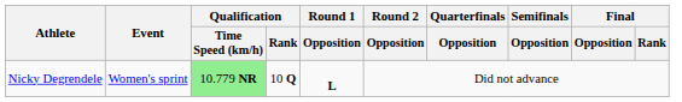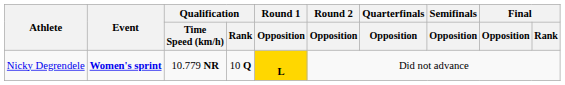 <table class="wikitable" style="font-size:90%">
 <tr>
 <th rowspan=2>Athlete</th>
 <th rowspan=2>Event</th>
 <th colspan=2>Qualification</th>
 <th>Round 1</th>
 <th>Round 2</th>
 <th>Quarterfinals</th>
 <th>Semifinals</th>
 <th colspan=2>Final</th>
 </tr>
 <tr style="font-size:95%">
 <th>Time<br>Speed (km/h)</th>
 <th>Rank</th>
 <th>Opposition</th>
 <th>Opposition</th>
 <th>Opposition</th>
 <th>Opposition</th>
 <th>Opposition</th>
 <th>Rank</th>
 </tr>
 <tr align=center>
 <td align=left><a href='#'>Nicky Degrendele</a></td>
-<td align=left><a href='#'>Women's sprint</a></td>
-<td style="background: lightgreen;">10.779	<strong>NR</strong></td>
+<td align=left><strong><a href='#'>Women's sprint</a></strong></td>
+<td>10.779	<strong>NR</strong></td>
 <td>10 <strong>Q</strong></td>
-<td><br><strong>L</strong><br></td>
+<td style="background: gold;"><br><strong>L</strong><br></td>
 <td colspan=5>Did not advance</td>
 </tr>
 </table>
